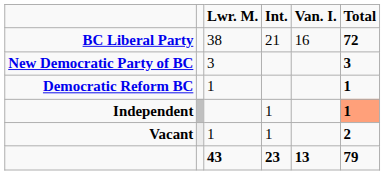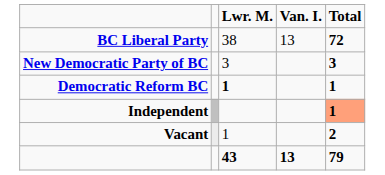 <table class="wikitable" style="margin: 1em auto; margin-top:2em">
 <tr ---->
 <td></td>
 <td></td>
 <td><strong>Lwr. M.</strong></td>
-<td><strong>Int.</strong></td>
 <td><strong>Van. I.</strong></td>
 <td><strong>Total</strong></td>
 </tr>
 <tr ---->
 <td align="right"><strong><a href='#'>BC Liberal Party</a></strong></td>
 <td></td>
 <td>38</td>
-<td>21</td>
-<td>16</td>
+<td>13</td>
 <td><strong>72</strong></td>
 </tr>
 <tr ---->
 <td align="right"><strong><a href='#'>New Democratic Party of BC</a></strong></td>
 <td></td>
 <td>3</td>
 <td></td>
-<td></td>
 <td><strong>3</strong></td>
 </tr>
 <tr ---->
 <td align="right"><strong><a href='#'>Democratic Reform BC</a></strong></td>
 <td></td>
-<td>1</td>
-<td></td>
+<td><strong>1</strong></td>
 <td></td>
 <td><strong>1</strong></td>
 </tr>
 <tr ---->
 <td align="right"><strong>Independent</strong></td>
 <td bgcolor ="#C0C0C0"></td>
 <td></td>
-<td>1</td>
 <td></td>
 <td style="background: lightsalmon;"><strong>1</strong></td>
 </tr>
 <tr ---->
 <td align="right"><strong>Vacant</strong></td>
 <td bgcolor="#ECECEC"></td>
-<td>1</td>
 <td>1</td>
 <td></td>
 <td><strong>2</strong></td>
 </tr>
 <tr ---->
 <td></td>
 <td></td>
 <td><strong>43</strong></td>
-<td><strong>23</strong></td>
 <td><strong>13</strong></td>
 <td><strong>79</strong></td>
 </tr>
 </table>
